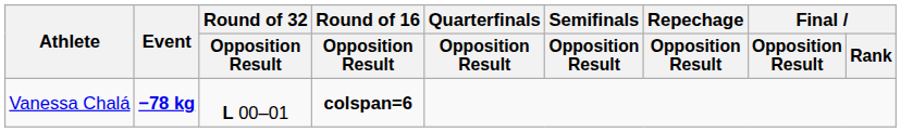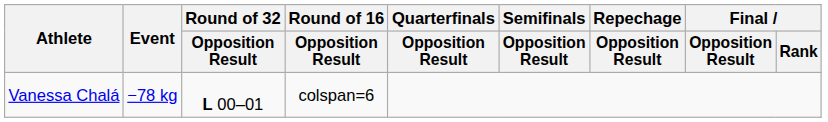 <table class=wikitable style=font-size:90%;text-align:center>
 <tr>
 <th rowspan=2>Athlete</th>
 <th rowspan=2>Event</th>
 <th>Round of 32</th>
 <th>Round of 16</th>
 <th>Quarterfinals</th>
 <th>Semifinals</th>
 <th>Repechage</th>
 <th colspan=2>Final / </th>
 </tr>
 <tr style=font-size:95%>
 <th>Opposition<br>Result</th>
 <th>Opposition<br>Result</th>
 <th>Opposition<br>Result</th>
 <th>Opposition<br>Result</th>
 <th>Opposition<br>Result</th>
 <th>Opposition<br>Result</th>
 <th>Rank</th>
 </tr>
 <tr>
 <td align=left><a href='#'>Vanessa Chalá</a></td>
-<td align=left><strong><a href='#'>−78 kg</a></strong></td>
+<td align=left><a href='#'>−78 kg</a></td>
 <td><br><strong>L</strong> 00–01</td>
-<td><strong>colspan=6 </strong></td>
+<td>colspan=6 </td>
 </tr>
 </table>
